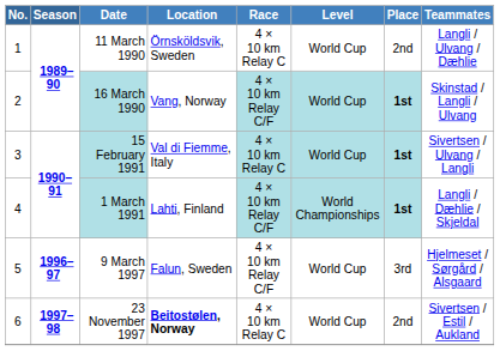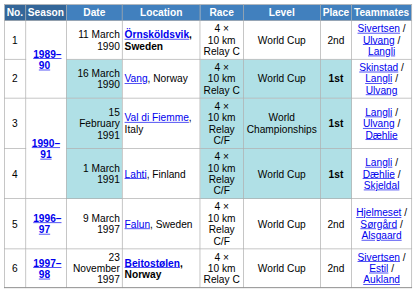 <table class="wikitable sortable" style="font-size:95%; text-align:center; border:grey solid 1px; border-collapse:collapse; background:#ffffff;">
 <tr style="background:#efefef;">
 <th style="background-color:#369; color:white;">No.</th>
 <th style="background-color:#369; color:white;">Season</th>
 <th style="background-color:#4180be; color:white; width:120px;">Date</th>
 <th style="background-color:#4180be; color:white; width:170px;">Location</th>
 <th style="background-color:#4180be; color:white; width:170px;">Race</th>
 <th style="background-color:#4180be; color:white; width:130px;">Level</th>
 <th style="background-color:#4180be; color:white;">Place</th>
 <th style="background-color:#4180be; color:white;">Teammates</th>
 </tr>
 <tr>
 <td align=center>1</td>
 <td rowspan=2 align=center><strong> <a href='#'>1989–90</a> </strong></td>
 <td align=right>11 March 1990</td>
-<td align=left> <a href='#'>Örnsköldsvik</a>, Sweden</td>
+<td align=left><strong> <a href='#'>Örnsköldsvik</a>, Sweden</strong></td>
 <td>4 × 10 km Relay C</td>
 <td>World Cup</td>
 <td>2nd</td>
-<td><a href='#'>Langli</a> / <a href='#'>Ulvang</a> / <a href='#'>Dæhlie</a></td>
+<td><a href='#'>Sivertsen</a> / <a href='#'>Ulvang</a> / <a href='#'>Langli</a></td>
 </tr>
 <tr>
 <td align=center>2</td>
 <td bgcolor="#BOEOE6" align=right>16 March 1990</td>
 <td align=left> <a href='#'>Vang</a>, Norway</td>
-<td bgcolor="#BOEOE6">4 × 10 km Relay C/F</td>
+<td bgcolor="#BOEOE6">4 × 10 km Relay C</td>
 <td bgcolor="#BOEOE6">World Cup</td>
 <td bgcolor="#BOEOE6"><strong>1st</strong></td>
 <td><a href='#'>Skinstad</a> / <a href='#'>Langli</a> / <a href='#'>Ulvang</a></td>
 </tr>
 <tr>
 <td align=center>3</td>
 <td rowspan=2 align=center><strong><a href='#'>1990–91</a></strong></td>
 <td bgcolor="#BOEOE6" align=right>15 February 1991</td>
 <td align=left> <a href='#'>Val di Fiemme</a>, Italy</td>
-<td bgcolor="#BOEOE6">4 × 10 km Relay C</td>
-<td bgcolor="#BOEOE6">World Cup</td>
+<td bgcolor="#BOEOE6">4 × 10 km Relay C/F</td>
+<td bgcolor="#BOEOE6">World Championships</td>
 <td bgcolor="#BOEOE6"><strong>1st</strong></td>
-<td><a href='#'>Sivertsen</a> / <a href='#'>Ulvang</a> / <a href='#'>Langli</a></td>
+<td><a href='#'>Langli</a> / <a href='#'>Ulvang</a> / <a href='#'>Dæhlie</a></td>
 </tr>
 <tr>
 <td align=center>4</td>
 <td bgcolor="#BOEOE6" align=right>1 March 1991</td>
 <td align=left> <a href='#'>Lahti</a>, Finland</td>
 <td bgcolor="#BOEOE6">4 × 10 km Relay C/F</td>
-<td bgcolor="#BOEOE6">World Championships</td>
+<td bgcolor="#BOEOE6">World Cup</td>
 <td bgcolor="#BOEOE6"><strong>1st</strong></td>
 <td><a href='#'>Langli</a> / <a href='#'>Dæhlie</a> / <a href='#'>Skjeldal</a></td>
 </tr>
 <tr>
 <td align=center>5</td>
 <td rowspan=1 align=center><strong> <a href='#'>1996–97</a> </strong></td>
 <td align=right>9 March 1997</td>
 <td align=left> <a href='#'>Falun</a>, Sweden</td>
 <td>4 × 10 km Relay C/F</td>
 <td>World Cup</td>
-<td>3rd</td>
+<td>2nd</td>
 <td><a href='#'>Hjelmeset</a> / <a href='#'>Sørgård</a> / <a href='#'>Alsgaard</a></td>
 </tr>
 <tr>
 <td align=center>6</td>
 <td rowspan=1 align=center><strong> <a href='#'>1997–98</a> </strong></td>
 <td align=right>23 November 1997</td>
 <td align=left><strong> <a href='#'>Beitostølen</a>, Norway</strong></td>
 <td>4 × 10 km Relay C</td>
 <td>World Cup</td>
 <td>2nd</td>
 <td><a href='#'>Sivertsen</a> / <a href='#'>Estil</a> / <a href='#'>Aukland</a></td>
 </tr>
 <tr>
 </tr>
 </table>
